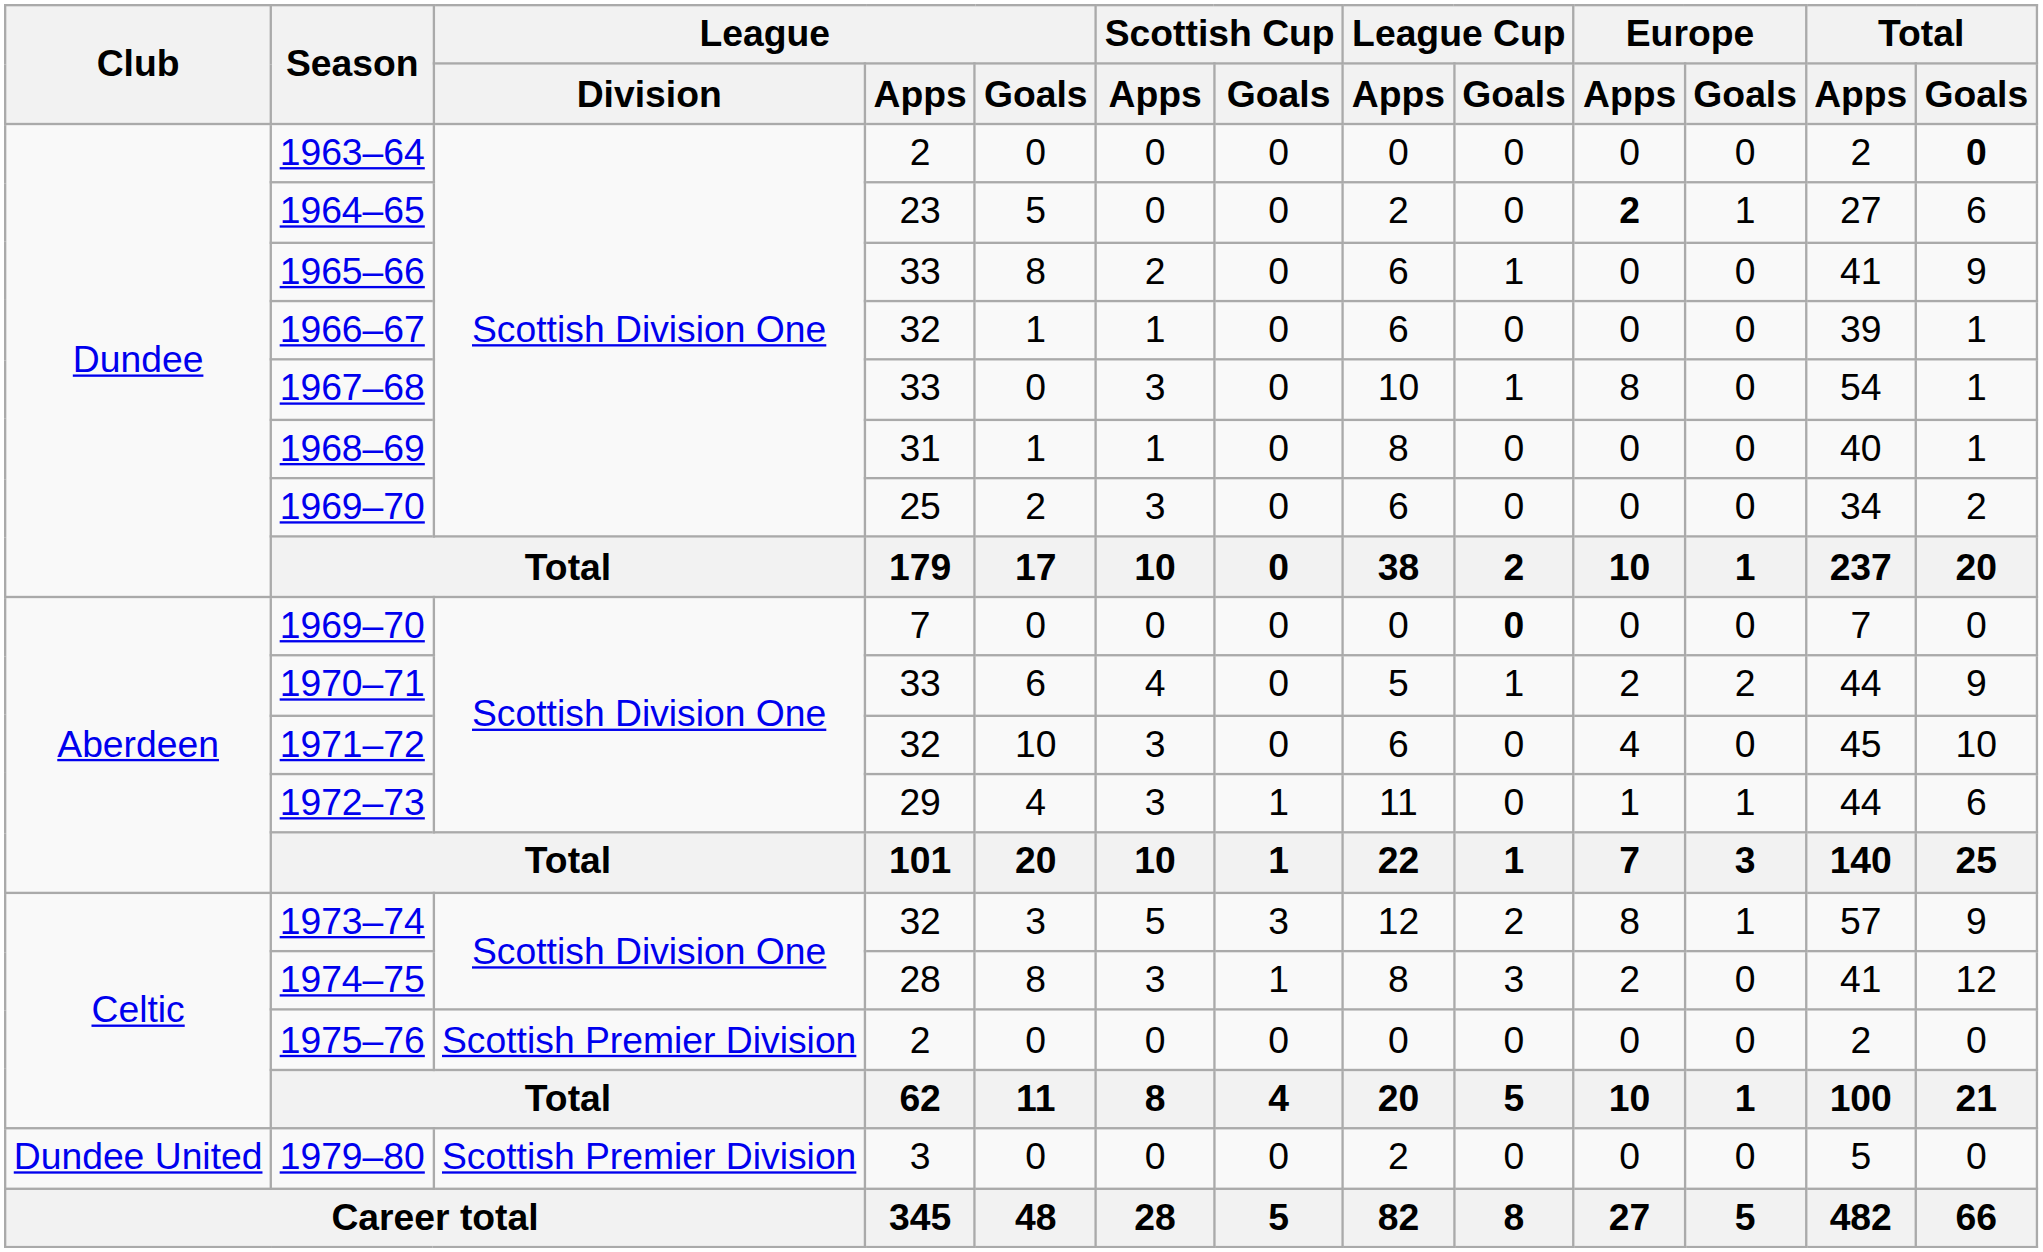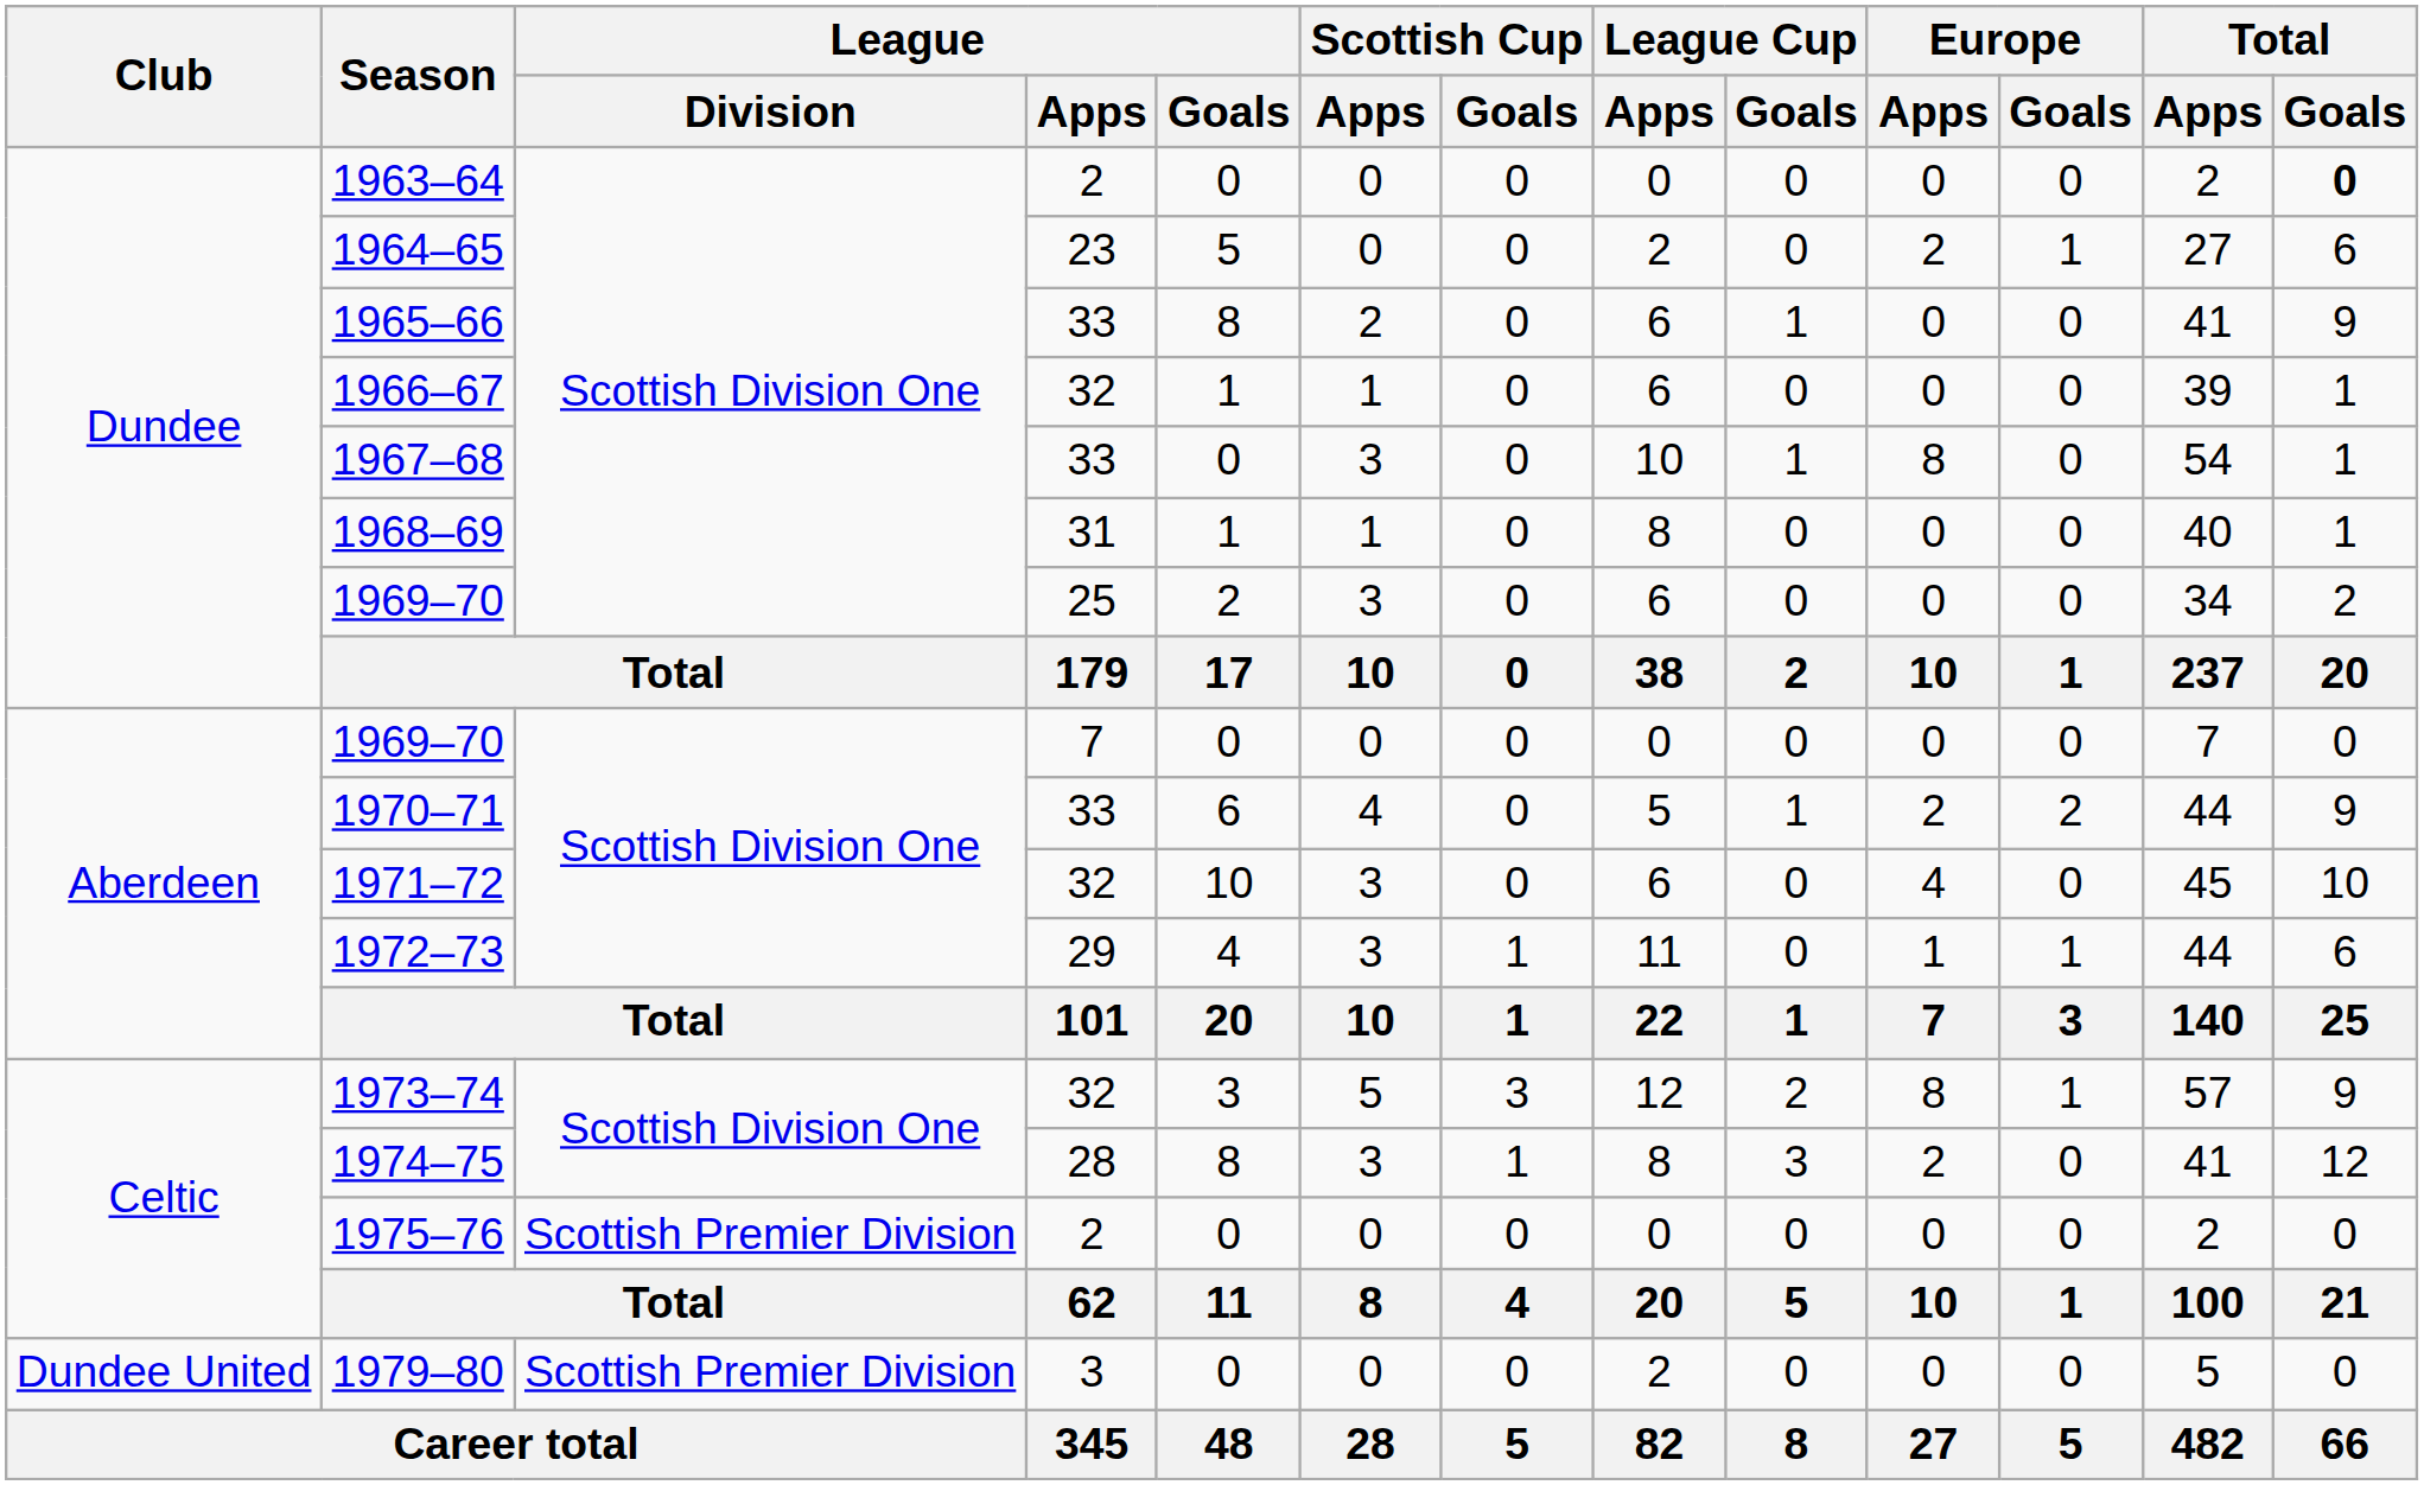 <table class="wikitable" style="text-align:center">
 <tr>
 <th rowspan="2">Club</th>
 <th rowspan="2">Season</th>
 <th colspan="3">League</th>
 <th colspan="2">Scottish Cup</th>
 <th colspan="2">League Cup</th>
 <th colspan="2">Europe</th>
 <th colspan="2">Total</th>
 </tr>
 <tr>
 <th>Division</th>
 <th>Apps</th>
 <th>Goals</th>
 <th>Apps</th>
 <th>Goals</th>
 <th>Apps</th>
 <th>Goals</th>
 <th>Apps</th>
 <th>Goals</th>
 <th>Apps</th>
 <th>Goals</th>
 </tr>
 <tr>
 <td rowspan="8"><a href='#'>Dundee</a></td>
 <td><a href='#'>1963–64</a></td>
 <td rowspan="7"><a href='#'>Scottish Division One</a></td>
 <td>2</td>
 <td>0</td>
 <td>0</td>
 <td>0</td>
 <td>0</td>
 <td>0</td>
 <td>0</td>
 <td>0</td>
 <td>2</td>
 <td><strong>0</strong></td>
 </tr>
 <tr>
 <td><a href='#'>1964–65</a></td>
 <td>23</td>
 <td>5</td>
 <td>0</td>
 <td>0</td>
 <td>2</td>
 <td>0</td>
-<td><strong>2</strong></td>
+<td>2</td>
 <td>1</td>
 <td>27</td>
 <td>6</td>
 </tr>
 <tr>
 <td><a href='#'>1965–66</a></td>
 <td>33</td>
 <td>8</td>
 <td>2</td>
 <td>0</td>
 <td>6</td>
 <td>1</td>
 <td>0</td>
 <td>0</td>
 <td>41</td>
 <td>9</td>
 </tr>
 <tr>
 <td><a href='#'>1966–67</a></td>
 <td>32</td>
 <td>1</td>
 <td>1</td>
 <td>0</td>
 <td>6</td>
 <td>0</td>
 <td>0</td>
 <td>0</td>
 <td>39</td>
 <td>1</td>
 </tr>
 <tr>
 <td><a href='#'>1967–68</a></td>
 <td>33</td>
 <td>0</td>
 <td>3</td>
 <td>0</td>
 <td>10</td>
 <td>1</td>
 <td>8</td>
 <td>0</td>
 <td>54</td>
 <td>1</td>
 </tr>
 <tr>
 <td><a href='#'>1968–69</a></td>
 <td>31</td>
 <td>1</td>
 <td>1</td>
 <td>0</td>
 <td>8</td>
 <td>0</td>
 <td>0</td>
 <td>0</td>
 <td>40</td>
 <td>1</td>
 </tr>
 <tr>
 <td><a href='#'>1969–70</a></td>
 <td>25</td>
 <td>2</td>
 <td>3</td>
 <td>0</td>
 <td>6</td>
 <td>0</td>
 <td>0</td>
 <td>0</td>
 <td>34</td>
 <td>2</td>
 </tr>
 <tr>
 <th colspan="2">Total</th>
 <th>179</th>
 <th>17</th>
 <th>10</th>
 <th>0</th>
 <th>38</th>
 <th>2</th>
 <th>10</th>
 <th>1</th>
 <th>237</th>
 <th>20</th>
 </tr>
 <tr>
 <td rowspan="5"><a href='#'>Aberdeen</a></td>
 <td><a href='#'>1969–70</a></td>
 <td rowspan="4"><a href='#'>Scottish Division One</a></td>
 <td>7</td>
 <td>0</td>
 <td>0</td>
 <td>0</td>
 <td>0</td>
-<td><strong>0</strong></td>
+<td>0</td>
 <td>0</td>
 <td>0</td>
 <td>7</td>
 <td>0</td>
 </tr>
 <tr>
 <td><a href='#'>1970–71</a></td>
 <td>33</td>
 <td>6</td>
 <td>4</td>
 <td>0</td>
 <td>5</td>
 <td>1</td>
 <td>2</td>
 <td>2</td>
 <td>44</td>
 <td>9</td>
 </tr>
 <tr>
 <td><a href='#'>1971–72</a></td>
 <td>32</td>
 <td>10</td>
 <td>3</td>
 <td>0</td>
 <td>6</td>
 <td>0</td>
 <td>4</td>
 <td>0</td>
 <td>45</td>
 <td>10</td>
 </tr>
 <tr>
 <td><a href='#'>1972–73</a></td>
 <td>29</td>
 <td>4</td>
 <td>3</td>
 <td>1</td>
 <td>11</td>
 <td>0</td>
 <td>1</td>
 <td>1</td>
 <td>44</td>
 <td>6</td>
 </tr>
 <tr>
 <th colspan="2">Total</th>
 <th>101</th>
 <th>20</th>
 <th>10</th>
 <th>1</th>
 <th>22</th>
 <th>1</th>
 <th>7</th>
 <th>3</th>
 <th>140</th>
 <th>25</th>
 </tr>
 <tr>
 <td rowspan="4"><a href='#'>Celtic</a></td>
 <td><a href='#'>1973–74</a></td>
 <td rowspan="2"><a href='#'>Scottish Division One</a></td>
 <td>32</td>
 <td>3</td>
 <td>5</td>
 <td>3</td>
 <td>12</td>
 <td>2</td>
 <td>8</td>
 <td>1</td>
 <td>57</td>
 <td>9</td>
 </tr>
 <tr>
 <td><a href='#'>1974–75</a></td>
 <td>28</td>
 <td>8</td>
 <td>3</td>
 <td>1</td>
 <td>8</td>
 <td>3</td>
 <td>2</td>
 <td>0</td>
 <td>41</td>
 <td>12</td>
 </tr>
 <tr>
 <td><a href='#'>1975–76</a></td>
 <td><a href='#'>Scottish Premier Division</a></td>
 <td>2</td>
 <td>0</td>
 <td>0</td>
 <td>0</td>
 <td>0</td>
 <td>0</td>
 <td>0</td>
 <td>0</td>
 <td>2</td>
 <td>0</td>
 </tr>
 <tr>
 <th colspan="2">Total</th>
 <th>62</th>
 <th>11</th>
 <th>8</th>
 <th>4</th>
 <th>20</th>
 <th>5</th>
 <th>10</th>
 <th>1</th>
 <th>100</th>
 <th>21</th>
 </tr>
 <tr>
 <td><a href='#'>Dundee United</a></td>
 <td><a href='#'>1979–80</a></td>
 <td><a href='#'>Scottish Premier Division</a></td>
 <td>3</td>
 <td>0</td>
 <td>0</td>
 <td>0</td>
 <td>2</td>
 <td>0</td>
 <td>0</td>
 <td>0</td>
 <td>5</td>
 <td>0</td>
 </tr>
 <tr>
 <th colspan="3">Career total</th>
 <th>345</th>
 <th>48</th>
 <th>28</th>
 <th>5</th>
 <th>82</th>
 <th>8</th>
 <th>27</th>
 <th>5</th>
 <th>482</th>
 <th>66</th>
 </tr>
 </table>
